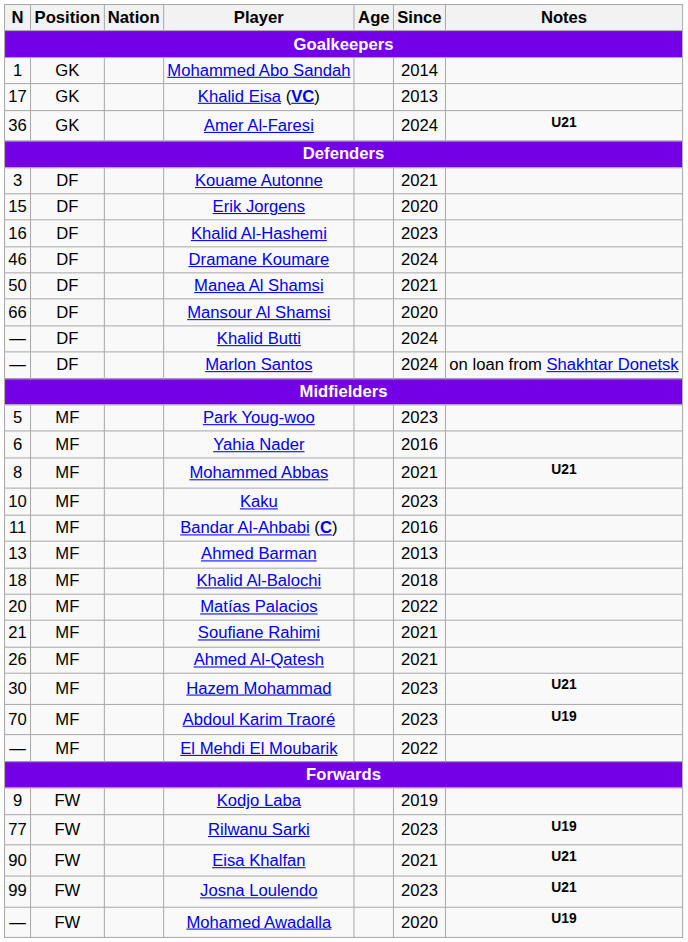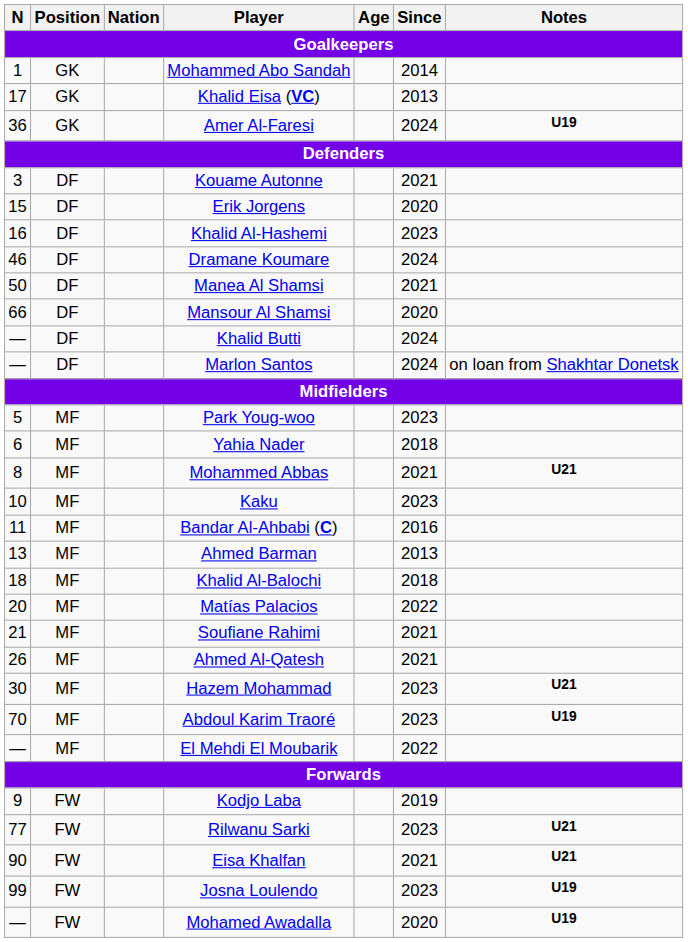 <table class="wikitable" style="text-align:center;">
 <tr>
 <th>N</th>
 <th>Position</th>
 <th>Nation</th>
 <th>Player</th>
 <th>Age</th>
 <th>Since</th>
 <th>Notes</th>
 </tr>
 <tr>
 <th colspan="12" style="background:#7300E6; color:#FFFFFF; ">Goalkeepers</th>
 </tr>
 <tr>
 <td align=center>1</td>
 <td align=center>GK</td>
 <td align=center></td>
 <td align=center><a href='#'>Mohammed Abo Sandah</a></td>
 <td align=center></td>
 <td align=center>2014</td>
 <td></td>
 </tr>
 <tr>
 <td align=center>17</td>
 <td align=center>GK</td>
 <td align=center></td>
 <td align=center><a href='#'>Khalid Eisa</a> (<strong><a href='#'>VC</a></strong>)</td>
 <td align=center></td>
 <td align=center>2013</td>
 <td></td>
 </tr>
 <tr>
 <td align=center>36</td>
 <td align=center>GK</td>
 <td align=center></td>
 <td align=center><a href='#'>Amer Al-Faresi</a></td>
 <td align=center></td>
 <td align=center>2024</td>
-<td><sup><strong>U21</strong></sup></td>
+<td><sup><strong>U19</strong></sup></td>
 </tr>
 <tr>
 <th colspan="12" style="background:#7300E6; color:#FFFFFF; ">Defenders</th>
 </tr>
 <tr>
 <td align=center>3</td>
 <td align=center>DF</td>
 <td align=center></td>
 <td align=center><a href='#'>Kouame Autonne</a></td>
 <td align=center></td>
 <td align=center>2021</td>
 <td></td>
 </tr>
 <tr>
 <td align=center>15</td>
 <td align=center>DF</td>
 <td align=center></td>
 <td align=center><a href='#'>Erik Jorgens</a></td>
 <td align=center></td>
 <td align=center>2020</td>
 <td></td>
 </tr>
 <tr>
 <td align=center>16</td>
 <td align=center>DF</td>
 <td align=center></td>
 <td align=center><a href='#'>Khalid Al-Hashemi</a></td>
 <td align=center></td>
 <td align=center>2023</td>
 <td></td>
 </tr>
 <tr>
 <td align=center>46</td>
 <td align=center>DF</td>
 <td align=center></td>
 <td align=center><a href='#'>Dramane Koumare</a></td>
 <td align=center></td>
 <td align=center>2024</td>
 <td></td>
 </tr>
 <tr>
 <td align=center>50</td>
 <td align=center>DF</td>
 <td align=center></td>
 <td align=center><a href='#'>Manea Al Shamsi</a></td>
 <td align=center></td>
 <td align=center>2021</td>
 <td></td>
 </tr>
 <tr>
 <td align=center>66</td>
 <td align=center>DF</td>
 <td align=center></td>
 <td align=center><a href='#'>Mansour Al Shamsi</a></td>
 <td align=center></td>
 <td align=center>2020</td>
 <td></td>
 </tr>
 <tr>
 <td align=center>—</td>
 <td align=center>DF</td>
 <td align=center></td>
 <td align=center><a href='#'>Khalid Butti</a></td>
 <td align=center></td>
 <td align=center>2024</td>
 <td></td>
 </tr>
 <tr>
 <td align=center>—</td>
 <td align=center>DF</td>
 <td align=center></td>
 <td align=center><a href='#'>Marlon Santos</a></td>
 <td align=center></td>
 <td align=center>2024</td>
 <td>on loan from <a href='#'>Shakhtar Donetsk</a></td>
 </tr>
 <tr>
 <th colspan="12" style="background:#7300E6; color:#FFFFFF; ">Midfielders</th>
 </tr>
 <tr>
 <td align=center>5</td>
 <td align=center>MF</td>
 <td align=center></td>
 <td align=center><a href='#'>Park Youg-woo</a></td>
 <td align=center></td>
 <td align=center>2023</td>
 <td></td>
 </tr>
 <tr>
 <td align=center>6</td>
 <td align=center>MF</td>
 <td align=center></td>
 <td align=center><a href='#'>Yahia Nader</a></td>
 <td align=center></td>
-<td align=center>2016</td>
+<td align=center>2018</td>
 <td></td>
 </tr>
 <tr>
 <td align=center>8</td>
 <td align=center>MF</td>
 <td align=center></td>
 <td align=center><a href='#'>Mohammed Abbas</a></td>
 <td align=center></td>
 <td align=center>2021</td>
 <td><sup><strong>U21</strong></sup></td>
 </tr>
 <tr>
 <td align=center>10</td>
 <td align=center>MF</td>
 <td align=center></td>
 <td align=center><a href='#'>Kaku</a></td>
 <td align=center></td>
 <td align=center>2023</td>
 <td></td>
 </tr>
 <tr>
 <td align=center>11</td>
 <td align=center>MF</td>
 <td align=center></td>
 <td align=center><a href='#'>Bandar Al-Ahbabi</a> (<strong><a href='#'>C</a></strong>)</td>
 <td align=center></td>
 <td align=center>2016</td>
 <td></td>
 </tr>
 <tr>
 <td align=center>13</td>
 <td align=center>MF</td>
 <td align=center></td>
 <td align=center><a href='#'>Ahmed Barman</a></td>
 <td align=center></td>
 <td align=center>2013</td>
 <td></td>
 </tr>
 <tr>
 <td align=center>18</td>
 <td align=center>MF</td>
 <td align=center></td>
 <td align=center><a href='#'>Khalid Al-Balochi</a></td>
 <td align=center></td>
 <td align=center>2018</td>
 <td></td>
 </tr>
 <tr>
 <td align=center>20</td>
 <td align=center>MF</td>
 <td align=center></td>
 <td align=center><a href='#'>Matías Palacios</a></td>
 <td align=center></td>
 <td align=center>2022</td>
 <td></td>
 </tr>
 <tr>
 <td align=center>21</td>
 <td align=center>MF</td>
 <td align=center></td>
 <td align=center><a href='#'>Soufiane Rahimi</a></td>
 <td align=center></td>
 <td align=center>2021</td>
 </tr>
 <tr>
 <td align=center>26</td>
 <td align=center>MF</td>
 <td align=center></td>
 <td align=center><a href='#'>Ahmed Al-Qatesh</a></td>
 <td align=center></td>
 <td align=center>2021</td>
 <td></td>
 </tr>
 <tr>
 <td align=center>30</td>
 <td align=center>MF</td>
 <td align=center></td>
 <td align=center><a href='#'>Hazem Mohammad</a></td>
 <td align=center></td>
 <td align=center>2023</td>
 <td><sup><strong>U21</strong></sup></td>
 </tr>
 <tr>
 <td align=center>70</td>
 <td align=center>MF</td>
 <td align=center></td>
 <td align=center><a href='#'>Abdoul Karim Traoré</a></td>
 <td align=center></td>
 <td align=center>2023</td>
 <td><sup><strong>U19</strong></sup></td>
 </tr>
 <tr>
 <td align=center>—</td>
 <td align=center>MF</td>
 <td align=center></td>
 <td align=center><a href='#'>El Mehdi El Moubarik</a></td>
 <td align=center></td>
 <td align=center>2022</td>
 <td></td>
 </tr>
 <tr>
 <th colspan="12" style="background:#7300E6; color:#FFFFFF; ">Forwards</th>
 </tr>
 <tr>
 <td align=center>9</td>
 <td align=center>FW</td>
 <td align=center></td>
 <td align=center><a href='#'>Kodjo Laba</a></td>
 <td align=center></td>
 <td align=center>2019</td>
 <td></td>
 </tr>
 <tr>
 <td align=center>77</td>
 <td align=center>FW</td>
 <td align=center></td>
 <td align=center><a href='#'>Rilwanu Sarki</a></td>
 <td align=center></td>
 <td align=center>2023</td>
-<td><sup><strong>U19</strong></sup></td>
+<td><sup><strong>U21</strong></sup></td>
 </tr>
 <tr>
 <td align=center>90</td>
 <td align=center>FW</td>
 <td align=center></td>
 <td align=center><a href='#'>Eisa Khalfan</a></td>
 <td align=center></td>
 <td align=center>2021</td>
 <td><sup><strong>U21</strong></sup></td>
 </tr>
 <tr>
 <td align=center>99</td>
 <td align=center>FW</td>
 <td align=center></td>
 <td align=center><a href='#'>Josna Loulendo</a></td>
 <td align=center></td>
 <td align=center>2023</td>
-<td><sup><strong>U21</strong></sup></td>
+<td><sup><strong>U19</strong></sup></td>
 </tr>
 <tr>
 <td align=center>—</td>
 <td align=center>FW</td>
 <td align=center></td>
 <td align=center><a href='#'>Mohamed Awadalla</a></td>
 <td align=center></td>
 <td align=center>2020</td>
 <td><sup><strong>U19</strong></sup></td>
 </tr>
 </table>
